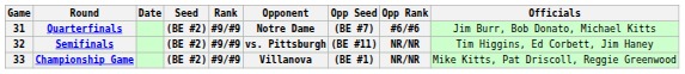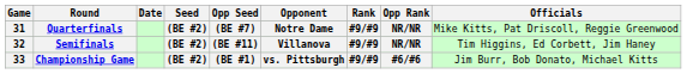 <table class="wikitable">
 <tr>
 <th>Game</th>
 <th>Round</th>
 <th>Date</th>
 <th>Seed</th>
+<th>Opp Seed</th>
+<th>Opponent</th>
 <th>Rank</th>
-<th>Opponent</th>
-<th>Opp Seed</th>
 <th>Opp Rank</th>
 <th>Officials</th>
 </tr>
 <tr align="center" bgcolor="#ccffcc">
 <th>31</th>
 <th><a href='#'>Quarterfinals</a></th>
 <td></td>
 <th>(BE #2)</th>
+<th>(BE #7)</th>
+<th>Notre Dame</th>
 <th>#9/#9</th>
-<th>Notre Dame</th>
-<th>(BE #7)</th>
-<th>#6/#6</th>
-<td>Jim Burr, Bob Donato, Michael Kitts</td>
+<th>NR/NR</th>
+<td>Mike Kitts, Pat Driscoll, Reggie Greenwood</td>
 </tr>
 <tr align="center" bgcolor="#ccffcc">
 <th>32</th>
 <th><a href='#'>Semifinals</a></th>
 <td></td>
 <th>(BE #2)</th>
+<th>(BE #11)</th>
+<th>Villanova</th>
 <th>#9/#9</th>
-<th>vs. Pittsburgh</th>
-<th>(BE #11)</th>
 <th>NR/NR</th>
 <td>Tim Higgins, Ed Corbett, Jim Haney</td>
 </tr>
 <tr align="center" bgcolor="#ccffcc">
 <th>33</th>
 <th><a href='#'>Championship Game</a></th>
 <td></td>
 <th>(BE #2)</th>
+<th>(BE #1)</th>
+<th>vs. Pittsburgh</th>
 <th>#9/#9</th>
-<th>Villanova</th>
-<th>(BE #1)</th>
-<th>NR/NR</th>
-<td>Mike Kitts, Pat Driscoll, Reggie Greenwood</td>
+<th>#6/#6</th>
+<td>Jim Burr, Bob Donato, Michael Kitts</td>
 </tr>
 </table>
